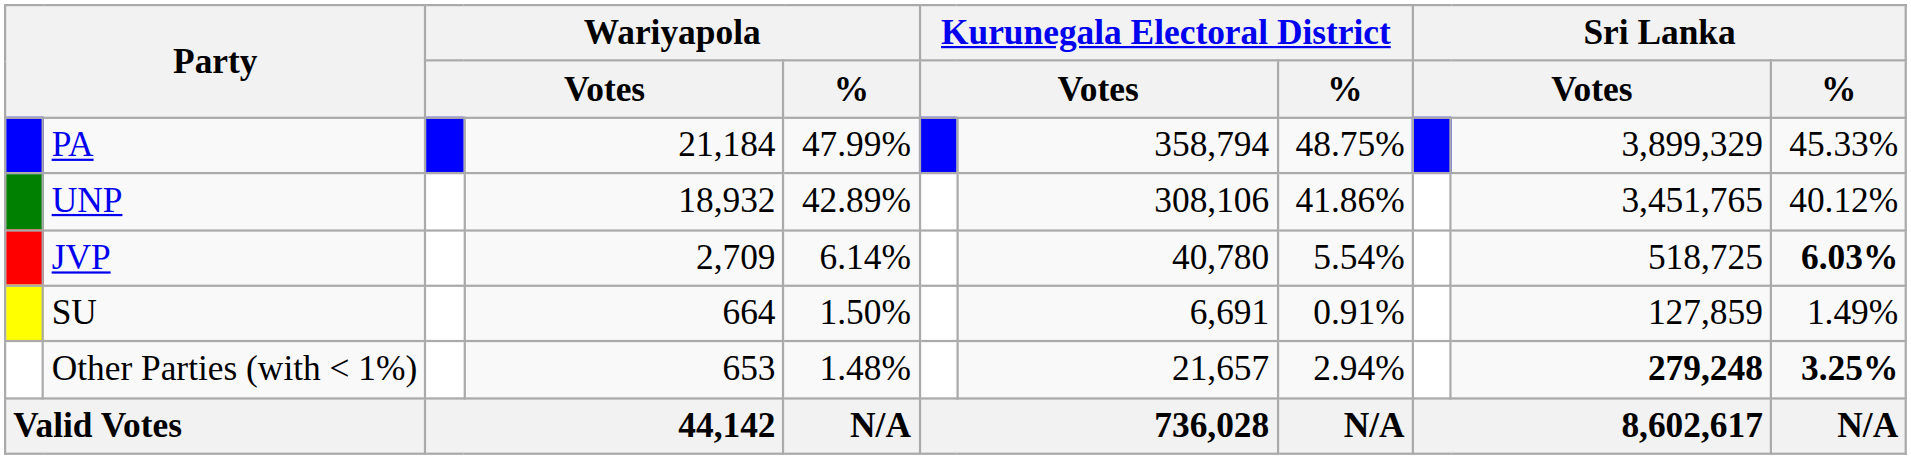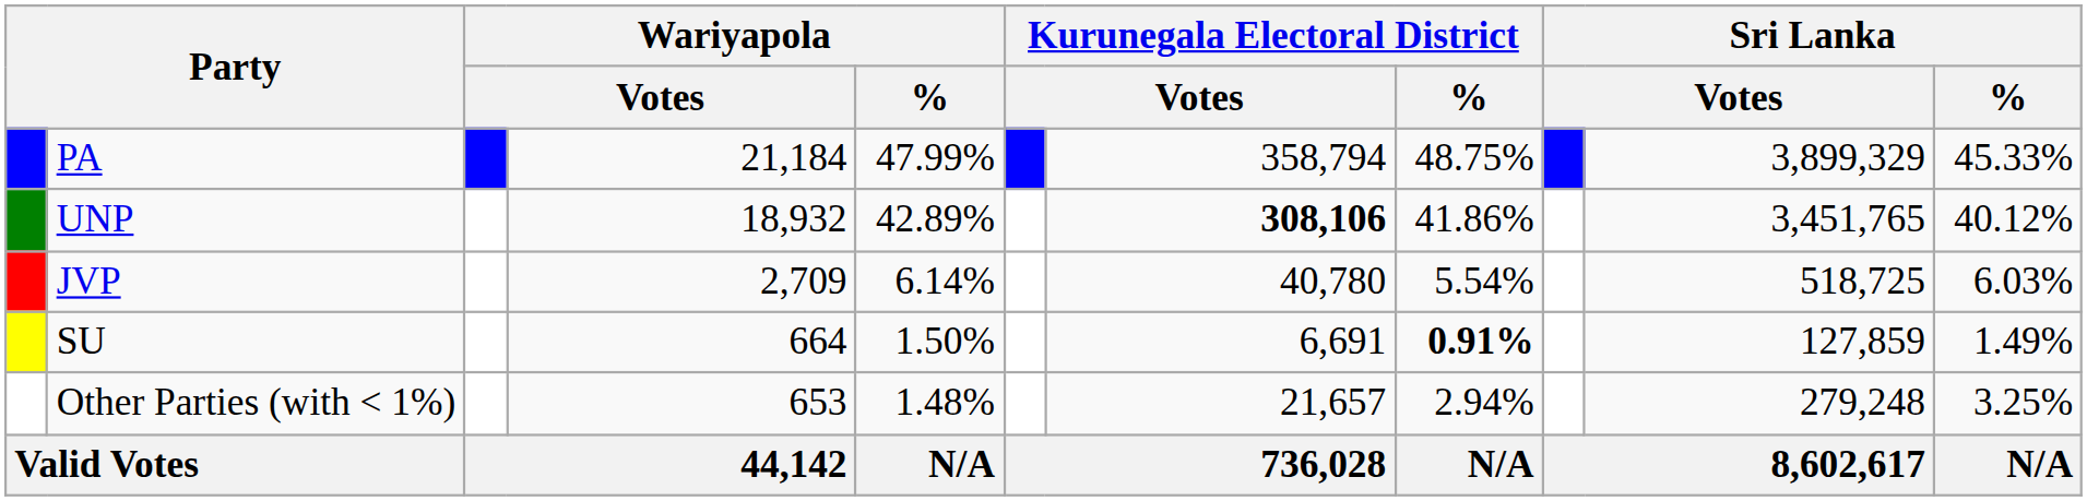 <table class="wikitable">
 <tr>
 <th colspan="2" width="144px"rowspan="2">Party</th>
 <th colspan="3" width="216px">Wariyapola</th>
 <th colspan="3" width="216px"><a href='#'>Kurunegala Electoral District</a></th>
 <th colspan="3" width="216px">Sri Lanka</th>
 </tr>
 <tr>
 <th colspan="2" width="144px">Votes</th>
 <th>%</th>
 <th colspan="2" width="144px">Votes</th>
 <th>%</th>
 <th colspan="2" width="144px">Votes</th>
 <th>%</th>
 </tr>
 <tr>
 <td style="background-color:blue;" width="10px"></td>
 <td style="text-align:left;"><a href='#'>PA</a></td>
 <td style="background-color:blue;" width="10px"></td>
 <td style="text-align:right;">21,184</td>
 <td style="text-align:right;">47.99%</td>
 <td style="background-color:blue;" width="10px"></td>
 <td style="text-align:right;">358,794</td>
 <td style="text-align:right;">48.75%</td>
 <td style="background-color:blue;" width="10px"></td>
 <td style="text-align:right;">3,899,329</td>
 <td style="text-align:right;">45.33%</td>
 </tr>
 <tr>
 <td style="background-color:green;" width="10px"></td>
 <td style="text-align:left;"><a href='#'>UNP</a></td>
 <td style="background-color:white;" width="10px"></td>
 <td style="text-align:right;">18,932</td>
 <td style="text-align:right;">42.89%</td>
 <td style="background-color:white;" width="10px"></td>
-<td style="text-align:right;">308,106</td>
+<td style="text-align:right;"><strong>308,106</strong></td>
 <td style="text-align:right;">41.86%</td>
 <td style="background-color:white;" width="10px"></td>
 <td style="text-align:right;">3,451,765</td>
 <td style="text-align:right;">40.12%</td>
 </tr>
 <tr>
 <td style="background-color:red;" width="10px"></td>
 <td style="text-align:left;"><a href='#'>JVP</a></td>
 <td style="background-color:white;" width="10px"></td>
 <td style="text-align:right;">2,709</td>
 <td style="text-align:right;">6.14%</td>
 <td style="background-color:white;" width="10px"></td>
 <td style="text-align:right;">40,780</td>
 <td style="text-align:right;">5.54%</td>
 <td style="background-color:white;" width="10px"></td>
 <td style="text-align:right;">518,725</td>
-<td style="text-align:right;"><strong>6.03%</strong></td>
+<td style="text-align:right;">6.03%</td>
 </tr>
 <tr>
 <td style="background-color:yellow;" width="10px"></td>
 <td style="text-align:left;">SU</td>
 <td style="background-color:white;" width="10px"></td>
 <td style="text-align:right;">664</td>
 <td style="text-align:right;">1.50%</td>
 <td style="background-color:white;" width="10px"></td>
 <td style="text-align:right;">6,691</td>
-<td style="text-align:right;">0.91%</td>
+<td style="text-align:right;"><strong>0.91%</strong></td>
 <td style="background-color:white;" width="10px"></td>
 <td style="text-align:right;">127,859</td>
 <td style="text-align:right;">1.49%</td>
 </tr>
 <tr>
 <td style="background-color:white;" width="10px"></td>
 <td style="text-align:left;">Other Parties (with < 1%)</td>
 <td style="background-color:white;" width="10px"></td>
 <td style="text-align:right;">653</td>
 <td style="text-align:right;">1.48%</td>
 <td style="background-color:white;" width="10px"></td>
 <td style="text-align:right;">21,657</td>
 <td style="text-align:right;">2.94%</td>
 <td style="background-color:white;" width="10px"></td>
-<td style="text-align:right;"><strong>279,248</strong></td>
-<td style="text-align:right;"><strong>3.25%</strong></td>
+<td style="text-align:right;">279,248</td>
+<td style="text-align:right;">3.25%</td>
 </tr>
 <tr>
 <th colspan="2" width="144px"style="text-align:left;">Valid Votes</th>
 <th style="text-align:right;"colspan="2" width="144px">44,142</th>
 <th style="text-align:right;">N/A</th>
 <th style="text-align:right;"colspan="2" width="144px">736,028</th>
 <th style="text-align:right;">N/A</th>
 <th style="text-align:right;"colspan="2" width="144px">8,602,617</th>
 <th style="text-align:right;">N/A</th>
 </tr>
 </table>
